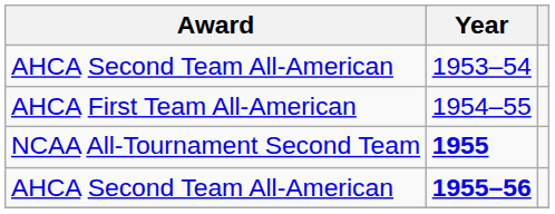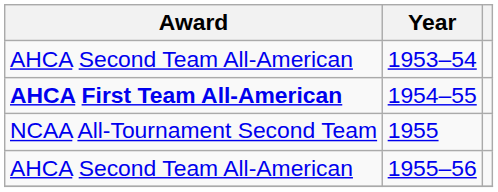 <table class="wikitable">
 <tr>
 <th>Award</th>
 <th>Year</th>
 <th></th>
 </tr>
 <tr>
 <td><a href='#'>AHCA</a> <a href='#'>Second Team All-American</a></td>
 <td><a href='#'>1953–54</a></td>
 <td></td>
 </tr>
 <tr>
-<td><a href='#'>AHCA</a> <a href='#'>First Team All-American</a></td>
+<td><strong><a href='#'>AHCA</a> <a href='#'>First Team All-American</a></strong></td>
 <td><a href='#'>1954–55</a></td>
 <td></td>
 </tr>
 <tr>
 <td><a href='#'>NCAA</a> <a href='#'>All-Tournament Second Team</a></td>
-<td><strong><a href='#'>1955</a></strong></td>
+<td><a href='#'>1955</a></td>
 <td></td>
 </tr>
 <tr>
 <td><a href='#'>AHCA</a> <a href='#'>Second Team All-American</a></td>
-<td><strong><a href='#'>1955–56</a></strong></td>
+<td><a href='#'>1955–56</a></td>
 <td></td>
 </tr>
 <tr>
 </tr>
 </table>
